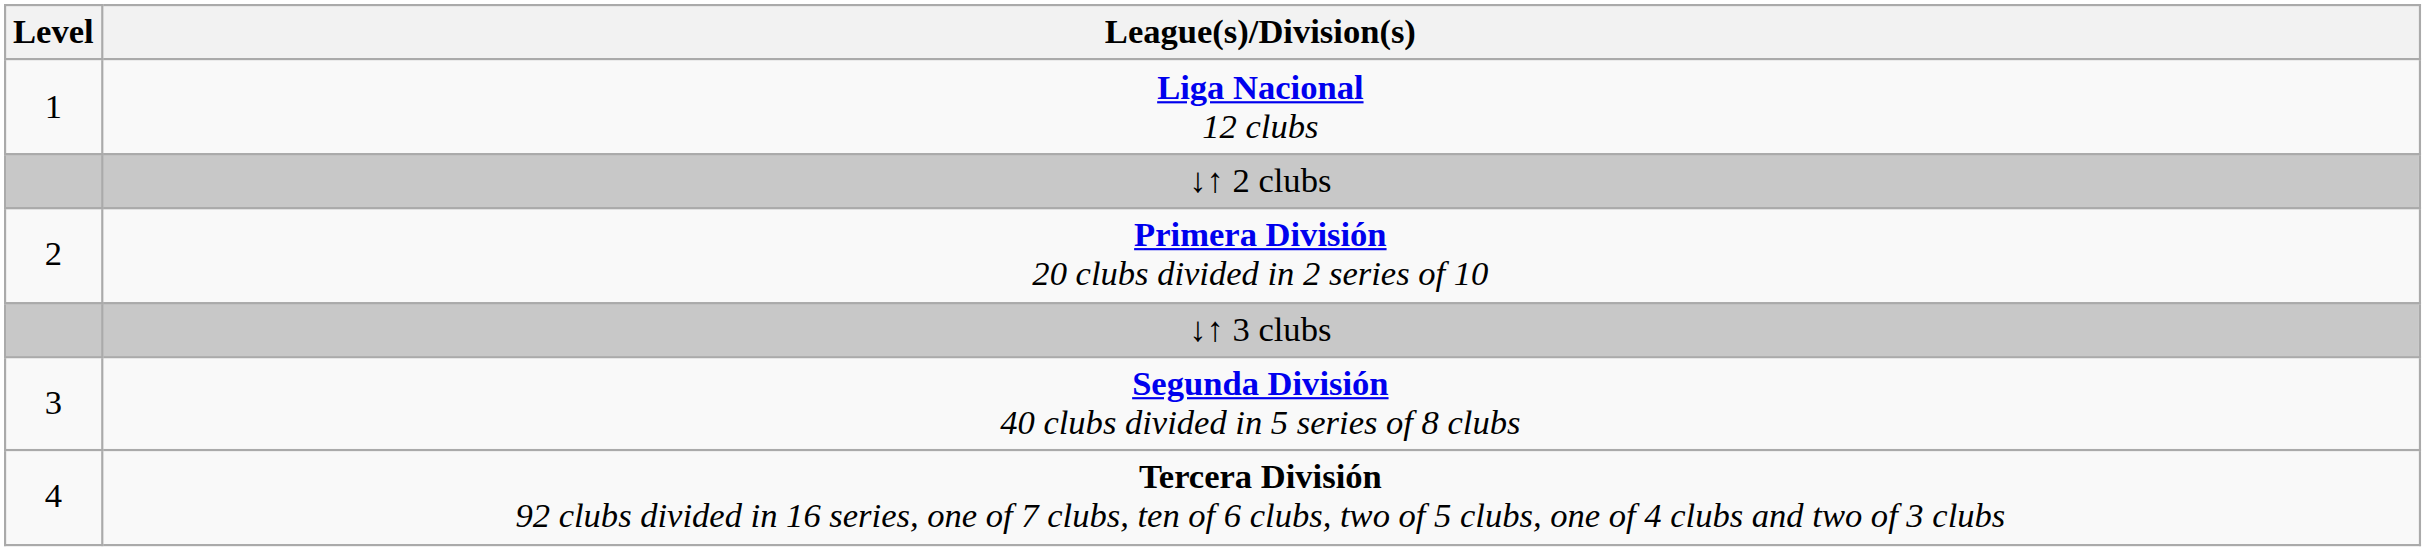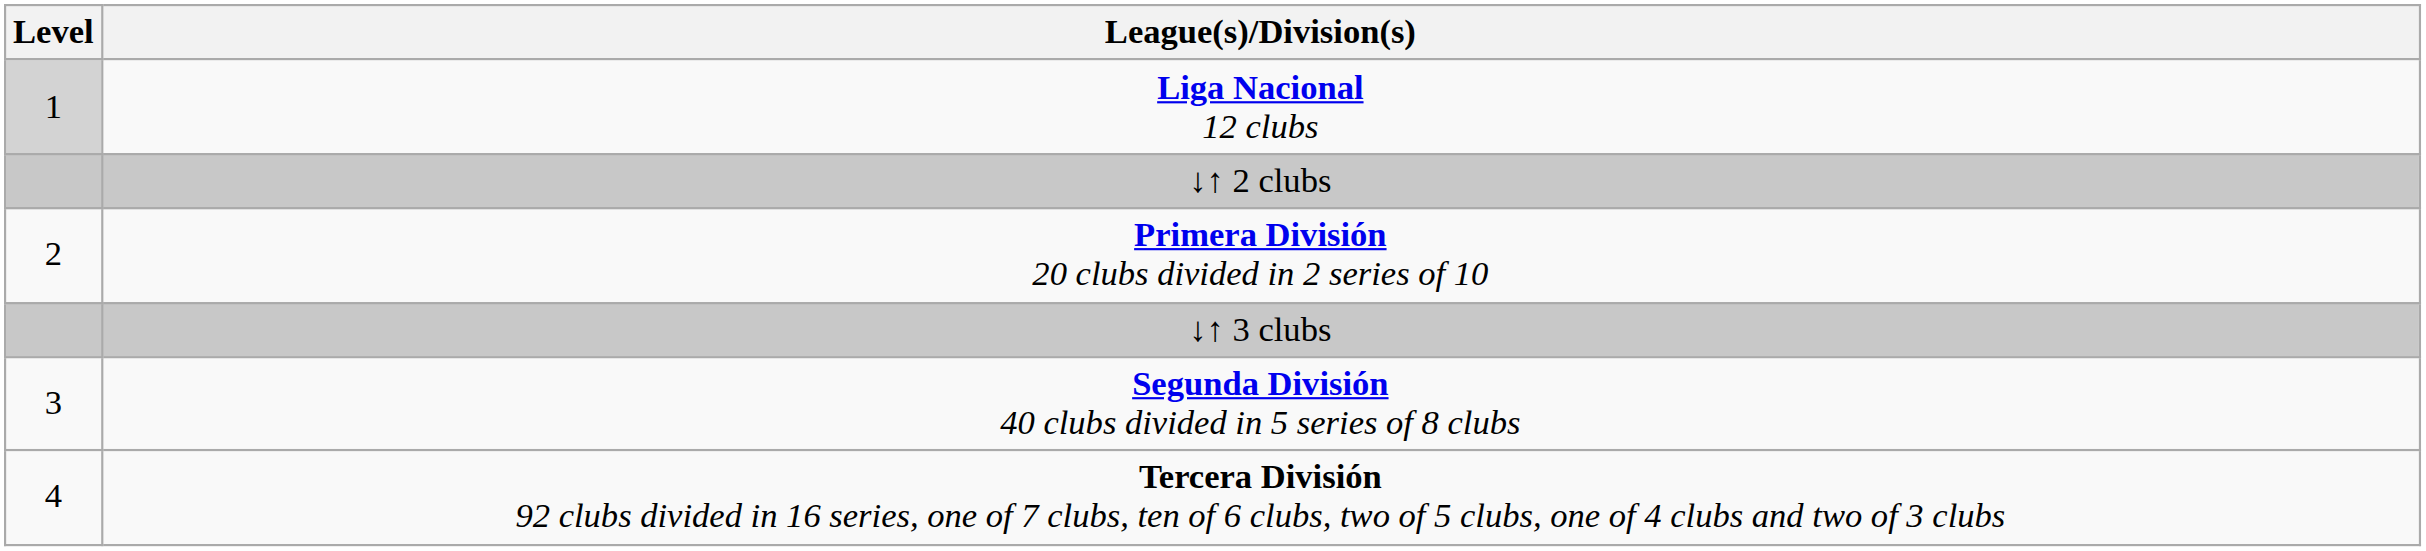 <table class="wikitable" style="text-align: center;">
 <tr>
 <th>Level</th>
 <th colspan="12">League(s)/Division(s)</th>
 </tr>
 <tr>
-<td>1</td>
+<td style="background: lightgrey;">1</td>
 <td colspan="12"><strong><a href='#'>Liga Nacional</a></strong><br><em>12 clubs</em></td>
 </tr>
 <tr style="background:#c8c8c8">
 <td style="width:4%;"></td>
 <td colspan="9" style="width:96%;">↓↑ 2 clubs</td>
 </tr>
 <tr>
 <td>2</td>
 <td colspan="12"><strong><a href='#'>Primera División</a></strong><br><em>20 clubs divided in 2 series of 10</em></td>
 </tr>
 <tr style="background:#c8c8c8">
 <td style="width:4%;"></td>
 <td colspan="9" style="width:96%;">↓↑ 3 clubs</td>
 </tr>
 <tr>
 <td>3</td>
 <td colspan="12"><strong><a href='#'>Segunda División</a></strong><br><em>40 clubs divided in 5 series of 8 clubs</em></td>
 </tr>
 <tr>
 <td>4</td>
 <td colspan="12"><strong>Tercera División</strong><br><em>92 clubs divided in 16 series, one of 7 clubs, ten of 6 clubs, two of 5 clubs, one of 4 clubs and two of 3 clubs</em></td>
 </tr>
 </table>
